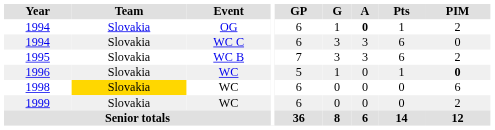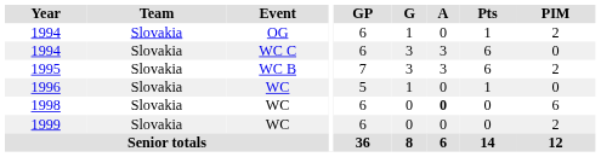 <table border="0" cellpadding="1" cellspacing="0" ID="Table3" style="text-align:center; width:40em">
 <tr ALIGN="center" bgcolor="#e0e0e0">
 <th>Year</th>
 <th>Team</th>
 <th>Event</th>
 <th rowspan="99" bgcolor="#ffffff"></th>
 <th>GP</th>
 <th>G</th>
 <th>A</th>
 <th>Pts</th>
 <th>PIM</th>
 </tr>
 <tr>
 <td><a href='#'>1994</a></td>
 <td><a href='#'>Slovakia</a></td>
 <td><a href='#'>OG</a></td>
 <td>6</td>
 <td>1</td>
-<td><strong>0</strong></td>
+<td>0</td>
 <td>1</td>
 <td>2</td>
 </tr>
 <tr bgcolor="#f0f0f0">
 <td><a href='#'>1994</a></td>
 <td>Slovakia</td>
 <td><a href='#'>WC C</a></td>
 <td>6</td>
 <td>3</td>
 <td>3</td>
 <td>6</td>
 <td>0</td>
 </tr>
 <tr>
 <td><a href='#'>1995</a></td>
 <td>Slovakia</td>
 <td><a href='#'>WC B</a></td>
 <td>7</td>
 <td>3</td>
 <td>3</td>
 <td>6</td>
 <td>2</td>
 </tr>
 <tr bgcolor="#f0f0f0">
 <td><a href='#'>1996</a></td>
 <td>Slovakia</td>
 <td><a href='#'>WC</a></td>
 <td>5</td>
 <td>1</td>
 <td>0</td>
 <td>1</td>
-<td><strong>0</strong></td>
+<td>0</td>
 </tr>
 <tr>
 <td><a href='#'>1998</a></td>
-<td style="background: gold;">Slovakia</td>
+<td>Slovakia</td>
 <td>WC</td>
 <td>6</td>
 <td>0</td>
-<td>0</td>
+<td><strong>0</strong></td>
 <td>0</td>
 <td>6</td>
 </tr>
 <tr bgcolor="#f0f0f0">
 <td><a href='#'>1999</a></td>
 <td>Slovakia</td>
 <td>WC</td>
 <td>6</td>
 <td>0</td>
 <td>0</td>
 <td>0</td>
 <td>2</td>
 </tr>
 <tr bgcolor="#e0e0e0">
 <th colspan=3>Senior totals</th>
 <th>36</th>
 <th>8</th>
 <th>6</th>
 <th>14</th>
 <th>12</th>
 </tr>
 </table>
